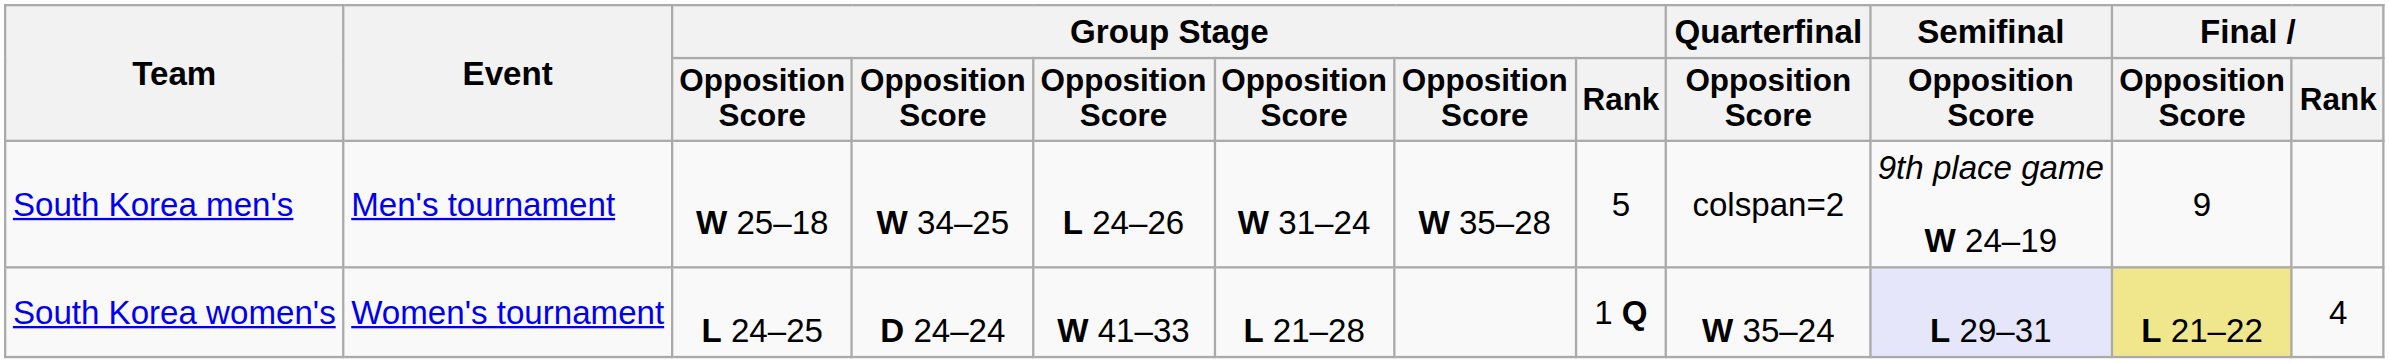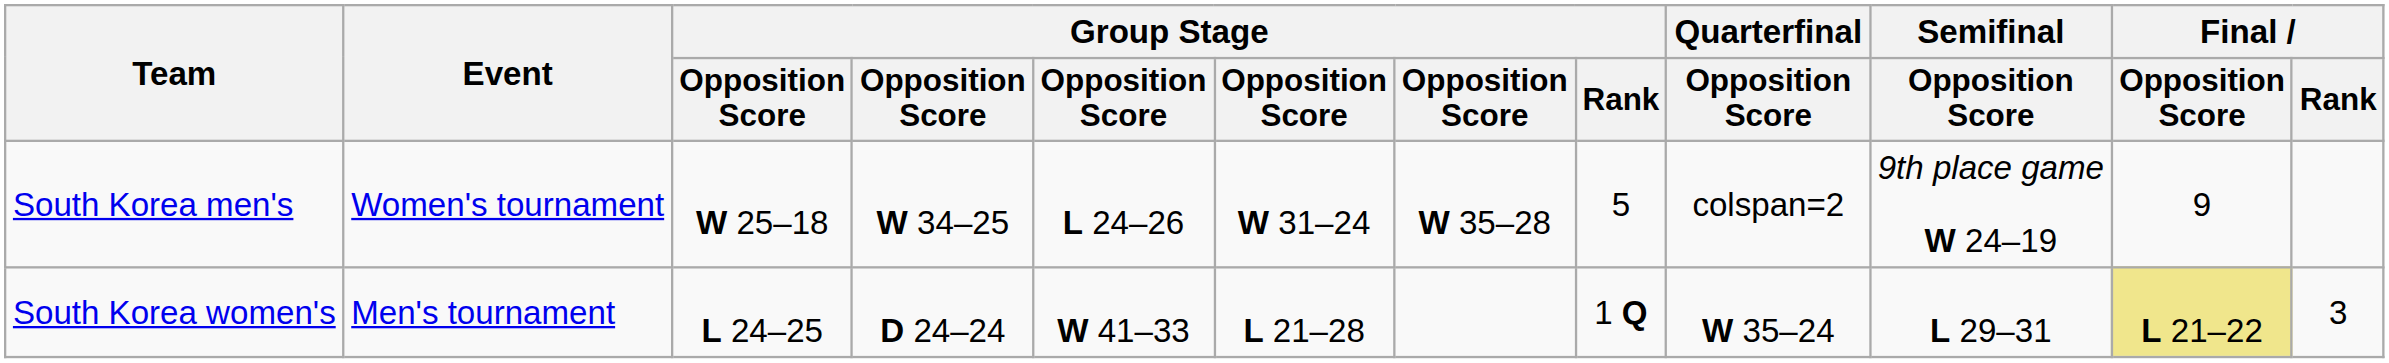 <table class="wikitable" style="font-size:90%">
 <tr>
 <th rowspan=2>Team</th>
 <th rowspan=2>Event</th>
 <th colspan=6>Group Stage</th>
 <th>Quarterfinal</th>
 <th>Semifinal</th>
 <th colspan=2>Final / </th>
 </tr>
 <tr style="font-size:95%">
 <th>Opposition<br>Score</th>
 <th>Opposition<br>Score</th>
 <th>Opposition<br>Score</th>
 <th>Opposition<br>Score</th>
 <th>Opposition<br>Score</th>
 <th>Rank</th>
 <th>Opposition<br>Score</th>
 <th>Opposition<br>Score</th>
 <th>Opposition<br>Score</th>
 <th>Rank</th>
 </tr>
 <tr style="text-align: center;">
 <td style="text-align: left;"><a href='#'>South Korea men's</a></td>
-<td style="text-align: left;"><a href='#'>Men's tournament</a></td>
+<td style="text-align: left;"><a href='#'>Women's tournament</a></td>
 <td><br><strong>W</strong> 25–18</td>
 <td><br><strong>W</strong> 34–25</td>
 <td><br><strong>L</strong> 24–26</td>
 <td><br><strong>W</strong> 31–24</td>
 <td><br><strong>W</strong> 35–28</td>
 <td>5</td>
 <td>colspan=2 </td>
 <td><em>9th place game</em><br><br><strong>W</strong> 24–19</td>
 <td>9</td>
 </tr>
 <tr style="text-align: center;">
 <td style="text-align: left;"><a href='#'>South Korea women's</a></td>
-<td style="text-align: left;"><a href='#'>Women's tournament</a></td>
+<td style="text-align: left;"><a href='#'>Men's tournament</a></td>
 <td><br><strong>L</strong> 24–25</td>
 <td><br><strong>D</strong> 24–24</td>
 <td><br><strong>W</strong> 41–33</td>
 <td><br><strong>L</strong> 21–28</td>
 <td></td>
 <td>1 <strong>Q</strong></td>
 <td><br><strong>W</strong> 35–24</td>
-<td style="background: lavender;"><br><strong>L</strong> 29–31</td>
+<td><br><strong>L</strong> 29–31</td>
 <td style="background: khaki;"><br><strong>L</strong> 21–22</td>
-<td>4</td>
+<td>3</td>
 </tr>
 </table>
